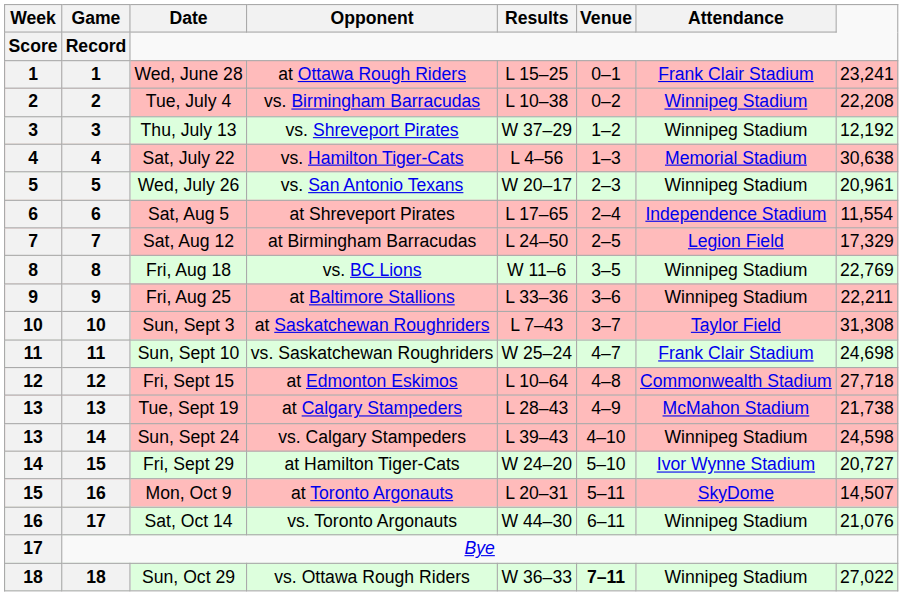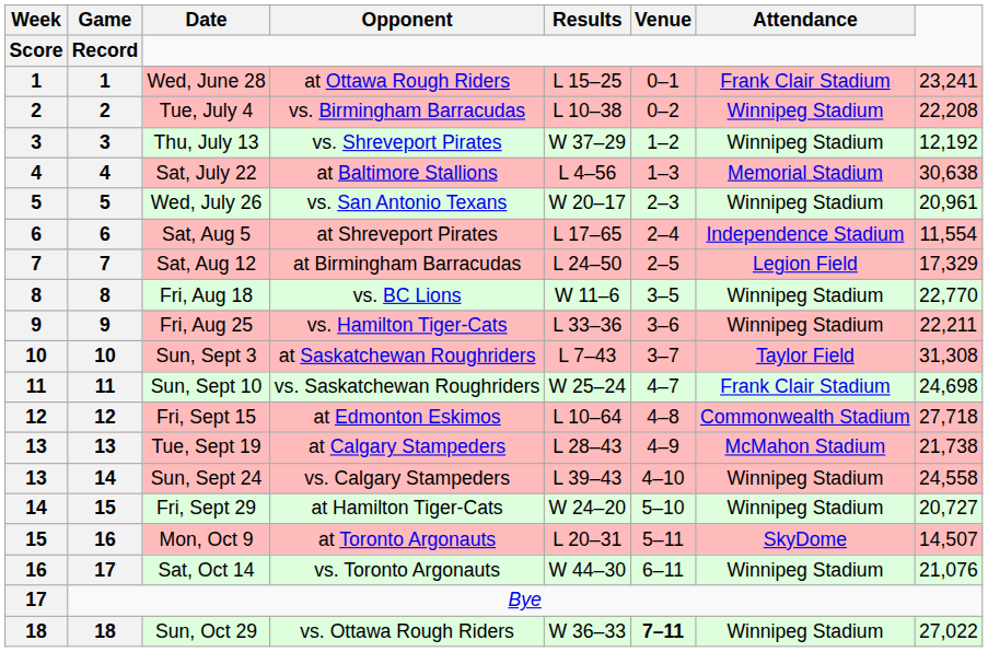 <table class="wikitable" style="text-align:center">
 <tr>
 <th>Week</th>
 <th>Game</th>
 <th>Date</th>
 <th>Opponent</th>
 <th>Results</th>
 <th>Venue</th>
 <th>Attendance</th>
 </tr>
 <tr>
 <th>Score</th>
 <th>Record</th>
 </tr>
 <tr style="background:#ffbbbb">
 <th>1</th>
 <th>1</th>
 <td>Wed, June 28</td>
 <td>at <a href='#'>Ottawa Rough Riders</a></td>
 <td>L 15–25</td>
 <td>0–1</td>
 <td><a href='#'>Frank Clair Stadium</a></td>
 <td>23,241</td>
 </tr>
 <tr style="background:#ffbbbb">
 <th>2</th>
 <th>2</th>
 <td>Tue, July 4</td>
 <td>vs. <a href='#'>Birmingham Barracudas</a></td>
 <td>L 10–38</td>
 <td>0–2</td>
 <td><a href='#'>Winnipeg Stadium</a></td>
 <td>22,208</td>
 </tr>
 <tr style="background:#ddffdd">
 <th>3</th>
 <th>3</th>
 <td>Thu, July 13</td>
 <td>vs. <a href='#'>Shreveport Pirates</a></td>
 <td>W 37–29</td>
 <td>1–2</td>
 <td>Winnipeg Stadium</td>
 <td>12,192</td>
 </tr>
 <tr style="background:#ffbbbb">
 <th>4</th>
 <th>4</th>
 <td>Sat, July 22</td>
-<td>vs. <a href='#'>Hamilton Tiger-Cats</a></td>
+<td>at <a href='#'>Baltimore Stallions</a></td>
 <td>L 4–56</td>
 <td>1–3</td>
 <td><a href='#'>Memorial Stadium</a></td>
 <td>30,638</td>
 </tr>
 <tr style="background:#ddffdd">
 <th>5</th>
 <th>5</th>
 <td>Wed, July 26</td>
 <td>vs. <a href='#'>San Antonio Texans</a></td>
 <td>W 20–17</td>
 <td>2–3</td>
 <td>Winnipeg Stadium</td>
 <td>20,961</td>
 </tr>
 <tr style="background:#ffbbbb">
 <th>6</th>
 <th>6</th>
 <td>Sat, Aug 5</td>
 <td>at Shreveport Pirates</td>
 <td>L 17–65</td>
 <td>2–4</td>
 <td><a href='#'>Independence Stadium</a></td>
 <td>11,554</td>
 </tr>
 <tr style="background:#ffbbbb">
 <th>7</th>
 <th>7</th>
 <td>Sat, Aug 12</td>
 <td>at Birmingham Barracudas</td>
 <td>L 24–50</td>
 <td>2–5</td>
 <td><a href='#'>Legion Field</a></td>
 <td>17,329</td>
 </tr>
 <tr style="background:#ddffdd">
 <th>8</th>
 <th>8</th>
 <td>Fri, Aug 18</td>
 <td>vs. <a href='#'>BC Lions</a></td>
 <td>W 11–6</td>
 <td>3–5</td>
 <td>Winnipeg Stadium</td>
-<td>22,769</td>
+<td>22,770</td>
 </tr>
 <tr style="background:#ffbbbb">
 <th>9</th>
 <th>9</th>
 <td>Fri, Aug 25</td>
-<td>at <a href='#'>Baltimore Stallions</a></td>
+<td>vs. <a href='#'>Hamilton Tiger-Cats</a></td>
 <td>L 33–36</td>
 <td>3–6</td>
 <td>Winnipeg Stadium</td>
 <td>22,211</td>
 </tr>
 <tr style="background:#ffbbbb">
 <th>10</th>
 <th>10</th>
 <td>Sun, Sept 3</td>
 <td>at <a href='#'>Saskatchewan Roughriders</a></td>
 <td>L 7–43</td>
 <td>3–7</td>
 <td><a href='#'>Taylor Field</a></td>
 <td>31,308</td>
 </tr>
 <tr style="background:#ddffdd">
 <th>11</th>
 <th>11</th>
 <td>Sun, Sept 10</td>
 <td>vs. Saskatchewan Roughriders</td>
 <td>W 25–24</td>
 <td>4–7</td>
 <td><a href='#'>Frank Clair Stadium</a></td>
 <td>24,698</td>
 </tr>
 <tr style="background:#ffbbbb">
 <th>12</th>
 <th>12</th>
 <td>Fri, Sept 15</td>
 <td>at <a href='#'>Edmonton Eskimos</a></td>
 <td>L 10–64</td>
 <td>4–8</td>
 <td><a href='#'>Commonwealth Stadium</a></td>
 <td>27,718</td>
 </tr>
 <tr style="background:#ffbbbb">
 <th>13</th>
 <th>13</th>
 <td>Tue, Sept 19</td>
 <td>at <a href='#'>Calgary Stampeders</a></td>
 <td>L 28–43</td>
 <td>4–9</td>
 <td><a href='#'>McMahon Stadium</a></td>
 <td>21,738</td>
 </tr>
 <tr style="background:#ffbbbb">
 <th>13</th>
 <th>14</th>
 <td>Sun, Sept 24</td>
 <td>vs. Calgary Stampeders</td>
 <td>L 39–43</td>
 <td>4–10</td>
 <td>Winnipeg Stadium</td>
-<td>24,598</td>
+<td>24,558</td>
 </tr>
 <tr style="background:#ddffdd">
 <th>14</th>
 <th>15</th>
 <td>Fri, Sept 29</td>
 <td>at Hamilton Tiger-Cats</td>
 <td>W 24–20</td>
 <td>5–10</td>
-<td><a href='#'>Ivor Wynne Stadium</a></td>
+<td>Winnipeg Stadium</td>
 <td>20,727</td>
 </tr>
 <tr style="background:#ffbbbb">
 <th>15</th>
 <th>16</th>
 <td>Mon, Oct 9</td>
 <td>at <a href='#'>Toronto Argonauts</a></td>
 <td>L 20–31</td>
 <td>5–11</td>
 <td><a href='#'>SkyDome</a></td>
 <td>14,507</td>
 </tr>
 <tr style="background:#ddffdd">
 <th>16</th>
 <th>17</th>
 <td>Sat, Oct 14</td>
 <td>vs. Toronto Argonauts</td>
 <td>W 44–30</td>
 <td>6–11</td>
 <td>Winnipeg Stadium</td>
 <td>21,076</td>
 </tr>
 <tr align="center">
 <th>17</th>
 <td colspan=7 align="center"><em><a href='#'>Bye</a></em></td>
 </tr>
 <tr style="background:#ddffdd">
 <th>18</th>
 <th>18</th>
 <td>Sun, Oct 29</td>
 <td>vs. Ottawa Rough Riders</td>
 <td>W 36–33</td>
 <td><strong>7–11</strong></td>
 <td>Winnipeg Stadium</td>
 <td>27,022</td>
 </tr>
 </table>
